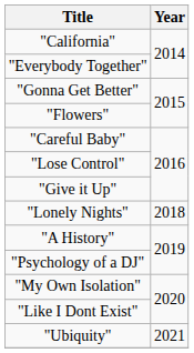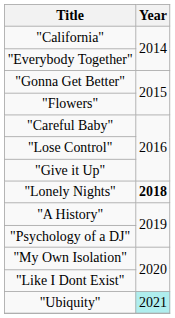 <table class="wikitable plainrowheaders" style="text-align:center;">
 <tr>
 <th>Title</th>
 <th>Year</th>
 </tr>
 <tr>
 <td scope="row">"California" </td>
 <td rowspan="2">2014</td>
 </tr>
 <tr>
 <td scope="row">"Everybody Together" </td>
 </tr>
 <tr>
 <td scope="row">"Gonna Get Better" </td>
 <td rowspan="2">2015</td>
 </tr>
 <tr>
 <td scope="row">"Flowers" </td>
 </tr>
 <tr>
 <td scope="row">"Careful Baby" </td>
 <td rowspan="3">2016</td>
 </tr>
 <tr>
 <td scope="row">"Lose Control" </td>
 </tr>
 <tr>
 <td scope="row">"Give it Up" </td>
 </tr>
 <tr>
 <td scope="row">"Lonely Nights" </td>
-<td>2018</td>
+<td><strong>2018</strong></td>
 </tr>
 <tr>
 <td scope="row">"A History" </td>
 <td rowspan="2">2019</td>
 </tr>
 <tr>
 <td scope="row">"Psychology of a DJ" </td>
 </tr>
 <tr>
 <td scope="row">"My Own Isolation" </td>
 <td rowspan="2">2020</td>
 </tr>
 <tr>
 <td scope="row">"Like I Dont Exist"</td>
 </tr>
 <tr>
 <td scope="row">"Ubiquity" </td>
-<td>2021</td>
+<td style="background: paleturquoise;">2021</td>
 </tr>
 <tr>
 </tr>
 </table>
